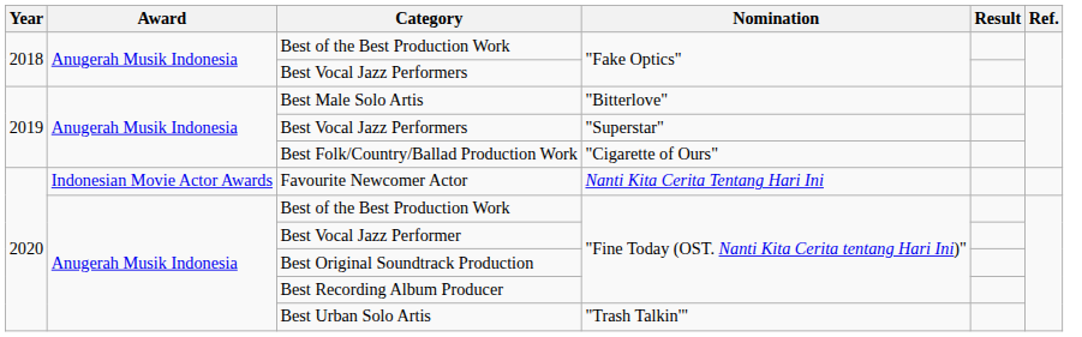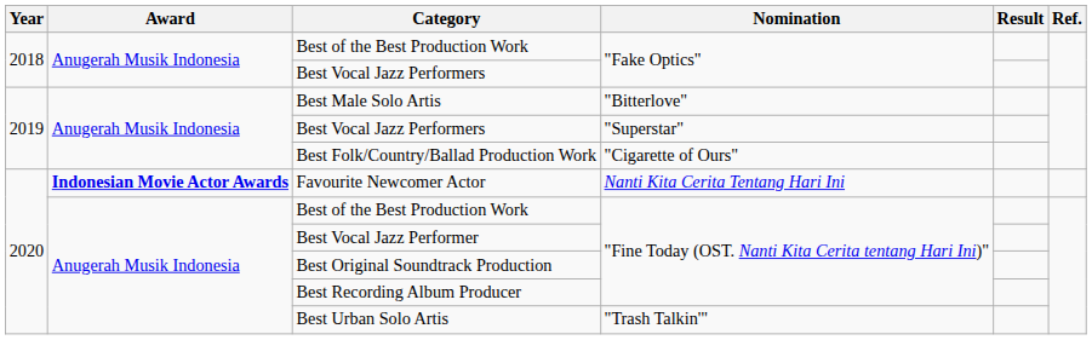 <table class="wikitable sortable">
 <tr>
 <th>Year</th>
 <th>Award</th>
 <th>Category</th>
 <th>Nomination</th>
 <th>Result</th>
 <th>Ref.</th>
 </tr>
 <tr>
 <td rowspan="2">2018</td>
 <td rowspan="2"><a href='#'>Anugerah Musik Indonesia</a></td>
 <td>Best of the Best Production Work</td>
 <td rowspan="2">"Fake Optics"</td>
 <td></td>
 <td rowspan="2" align="center"></td>
 </tr>
 <tr>
 <td>Best Vocal Jazz Performers</td>
 <td></td>
 </tr>
 <tr>
 <td rowspan="3">2019</td>
 <td rowspan="3"><a href='#'>Anugerah Musik Indonesia</a></td>
 <td>Best Male Solo Artis</td>
 <td>"Bitterlove"</td>
 <td></td>
 <td rowspan="3" align="center"></td>
 </tr>
 <tr>
 <td>Best Vocal Jazz Performers</td>
 <td>"Superstar"</td>
 <td></td>
 </tr>
 <tr>
 <td>Best Folk/Country/Ballad Production Work</td>
 <td>"Cigarette of Ours"</td>
 <td></td>
 </tr>
 <tr>
 <td rowspan="6">2020</td>
-<td><a href='#'>Indonesian Movie Actor Awards</a></td>
+<td><strong><a href='#'>Indonesian Movie Actor Awards</a></strong></td>
 <td>Favourite Newcomer Actor</td>
 <td><em><a href='#'>Nanti Kita Cerita Tentang Hari Ini</a></em></td>
 <td></td>
 <td></td>
 </tr>
 <tr>
 <td rowspan="5"><a href='#'>Anugerah Musik Indonesia</a></td>
 <td>Best of the Best Production Work</td>
 <td rowspan="4">"Fine Today (OST. <em><a href='#'>Nanti Kita Cerita tentang Hari Ini</a></em>)"</td>
 <td></td>
 <td rowspan="5" align="center"></td>
 </tr>
 <tr>
 <td>Best Vocal Jazz Performer</td>
 <td></td>
 </tr>
 <tr>
 <td>Best Original Soundtrack Production</td>
 <td></td>
 </tr>
 <tr>
 <td>Best Recording Album Producer</td>
 <td></td>
 </tr>
 <tr>
 <td>Best Urban Solo Artis</td>
 <td>"Trash Talkin'"</td>
 <td></td>
 </tr>
 </table>
